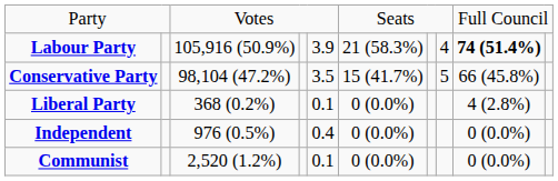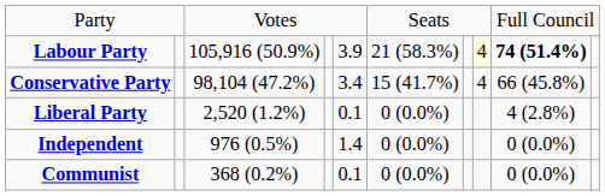 <table class=wikitable style="text-align:center;">
 <tr>
 <td colspan=2>Party</td>
 <td colspan=3>Votes</td>
 <td colspan=3>Seats</td>
 <td colspan=3>Full Council</td>
 </tr>
 <tr>
 <td><strong><a href='#'>Labour Party</a></strong></td>
 <td style="background:"></td>
 <td>105,916 (50.9%)</td>
 <td></td>
 <td> 3.9</td>
 <td>21 (58.3%)</td>
 <td></td>
-<td> 4</td>
+<td style="background: lightyellow;"> 4</td>
 <td><strong>74 (51.4%)</strong></td>
 <td></td>
 </tr>
 <tr>
 <td><strong><a href='#'>Conservative Party</a></strong></td>
 <td style="background:"></td>
 <td>98,104 (47.2%)</td>
 <td></td>
-<td> 3.5</td>
+<td> 3.4</td>
 <td>15 (41.7%)</td>
 <td></td>
-<td> 5</td>
+<td> 4</td>
 <td>66 (45.8%)</td>
 <td></td>
 </tr>
 <tr>
 <td><strong><a href='#'>Liberal Party</a></strong></td>
 <td style="background:"></td>
-<td>368 (0.2%)</td>
+<td>2,520 (1.2%)</td>
 <td></td>
 <td> 0.1</td>
 <td>0 (0.0%)</td>
 <td></td>
 <td></td>
 <td>4 (2.8%)</td>
 <td></td>
 </tr>
 <tr>
 <td><strong><a href='#'>Independent</a></strong></td>
 <td style="background:"></td>
 <td>976 (0.5%)</td>
 <td></td>
-<td> 0.4</td>
+<td> 1.4</td>
 <td>0 (0.0%)</td>
 <td></td>
 <td></td>
 <td>0 (0.0%)</td>
 <td></td>
 </tr>
 <tr>
 <td><strong><a href='#'>Communist</a></strong></td>
 <td style="background:"></td>
-<td>2,520 (1.2%)</td>
+<td>368 (0.2%)</td>
 <td></td>
 <td> 0.1</td>
 <td>0 (0.0%)</td>
 <td></td>
 <td></td>
 <td>0 (0.0%)</td>
 <td></td>
 </tr>
 </table>
